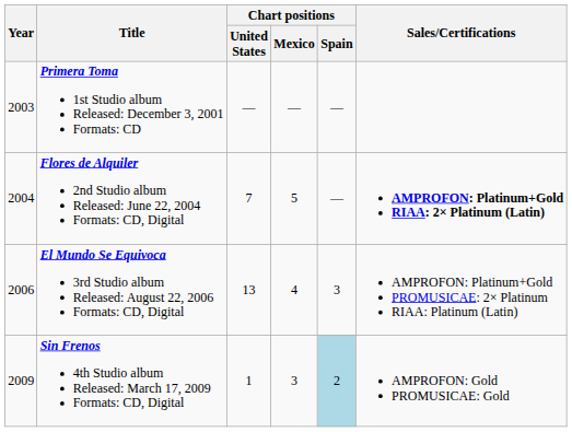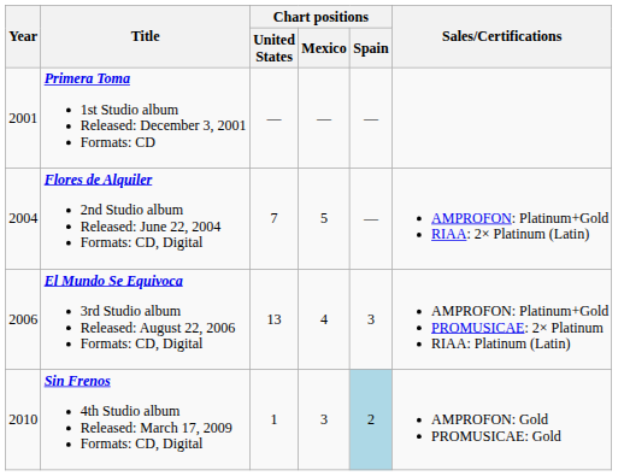 <table class="wikitable">
 <tr>
 <th rowspan="2">Year</th>
 <th rowspan="2">Title</th>
 <th colspan="3">Chart positions</th>
 <th rowspan="2">Sales/Certifications</th>
 </tr>
 <tr>
 <th width="20">United States</th>
 <th width="20">Mexico</th>
 <th width="20">Spain</th>
 </tr>
 <tr>
-<td>2003</td>
+<td>2001</td>
 <td><strong><em><a href='#'>Primera Toma</a></em></strong><br><ul><li>1st Studio album</li><li>Released: December 3, 2001</li><li>Formats: CD</li></ul></td>
 <td align="center">—</td>
 <td align="center">—</td>
 <td align="center">—</td>
 <td></td>
 </tr>
 <tr>
 <td>2004</td>
 <td><strong><em><a href='#'>Flores de Alquiler</a></em></strong><br><ul><li>2nd Studio album</li><li>Released: June 22, 2004</li><li>Formats: CD, Digital</li></ul></td>
 <td align="center">7</td>
 <td align="center">5</td>
 <td align="center">—</td>
-<td><strong><br><ul><li><a href='#'>AMPROFON</a>: Platinum+Gold</li><li><a href='#'>RIAA</a>: 2× Platinum (Latin)</li></ul></strong></td>
+<td><br><ul><li><a href='#'>AMPROFON</a>: Platinum+Gold</li><li><a href='#'>RIAA</a>: 2× Platinum (Latin)</li></ul></td>
 </tr>
 <tr>
 <td>2006</td>
 <td><strong><em><a href='#'>El Mundo Se Equivoca</a></em></strong><br><ul><li>3rd Studio album</li><li>Released: August 22, 2006</li><li>Formats: CD, Digital</li></ul></td>
 <td align="center">13</td>
 <td align="center">4</td>
 <td align="center">3</td>
 <td><br><ul><li>AMPROFON: Platinum+Gold</li><li><a href='#'>PROMUSICAE</a>: 2× Platinum</li><li>RIAA: Platinum (Latin)</li></ul></td>
 </tr>
 <tr>
-<td>2009</td>
+<td>2010</td>
 <td><strong><em><a href='#'>Sin Frenos</a></em></strong><br><ul><li>4th Studio album</li><li>Released: March 17, 2009</li><li>Formats: CD, Digital</li></ul></td>
 <td align="center">1</td>
 <td align="center">3</td>
 <td align="center" style="background: lightblue;">2</td>
 <td><br><ul><li>AMPROFON: Gold</li><li>PROMUSICAE: Gold</li></ul></td>
 </tr>
 </table>
